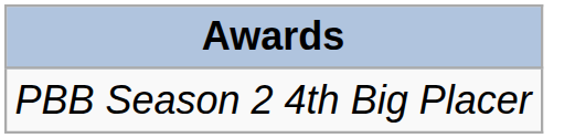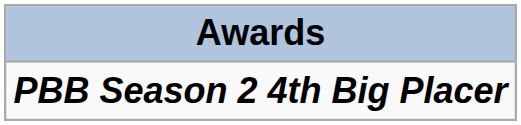 <table class="wikitable">
 <tr>
 <th colspan="4" style="background: LightSteelBlue;">Awards</th>
 </tr>
 <tr>
-<td><em>PBB Season 2 4th Big Placer</em></td>
+<td><strong><em>PBB Season 2 4th Big Placer</em></strong></td>
 </tr>
 </table>
